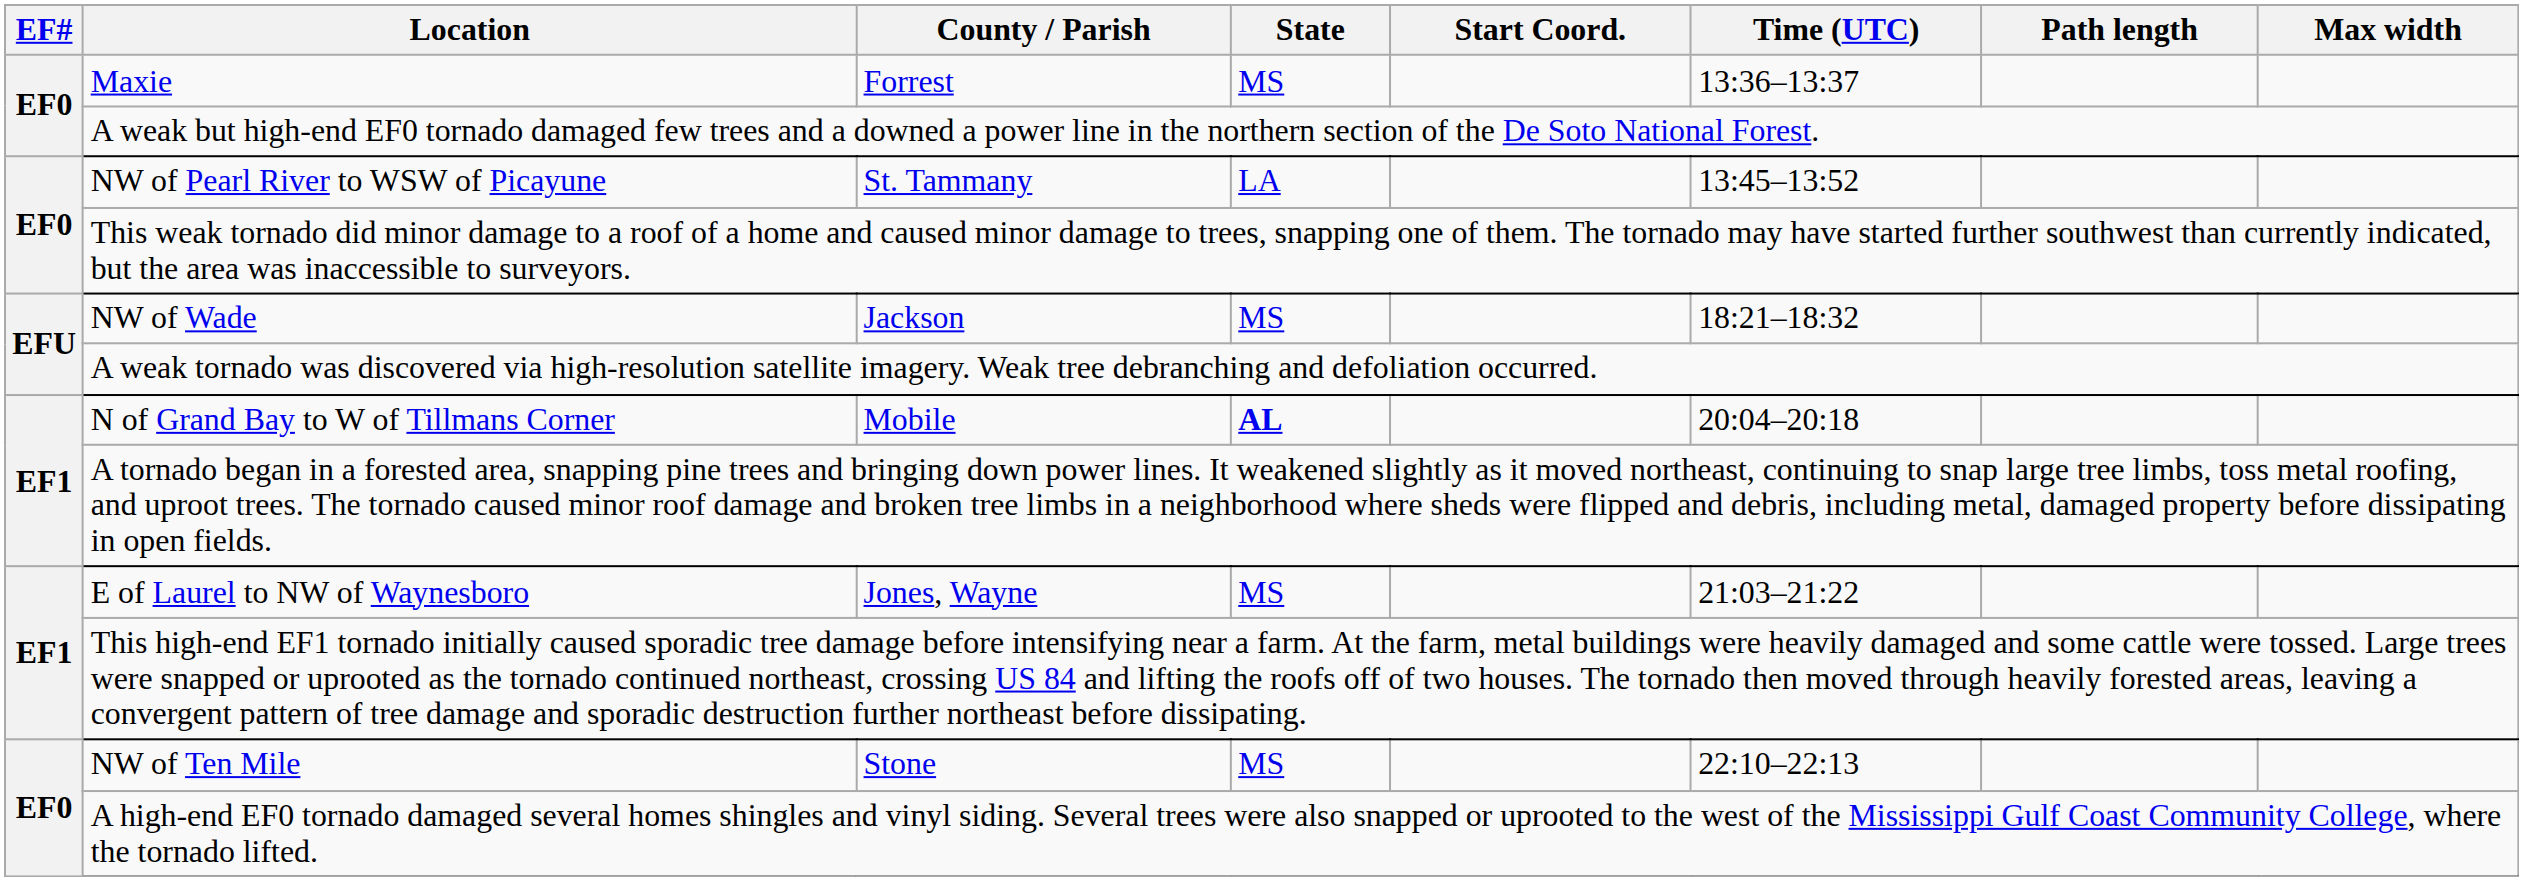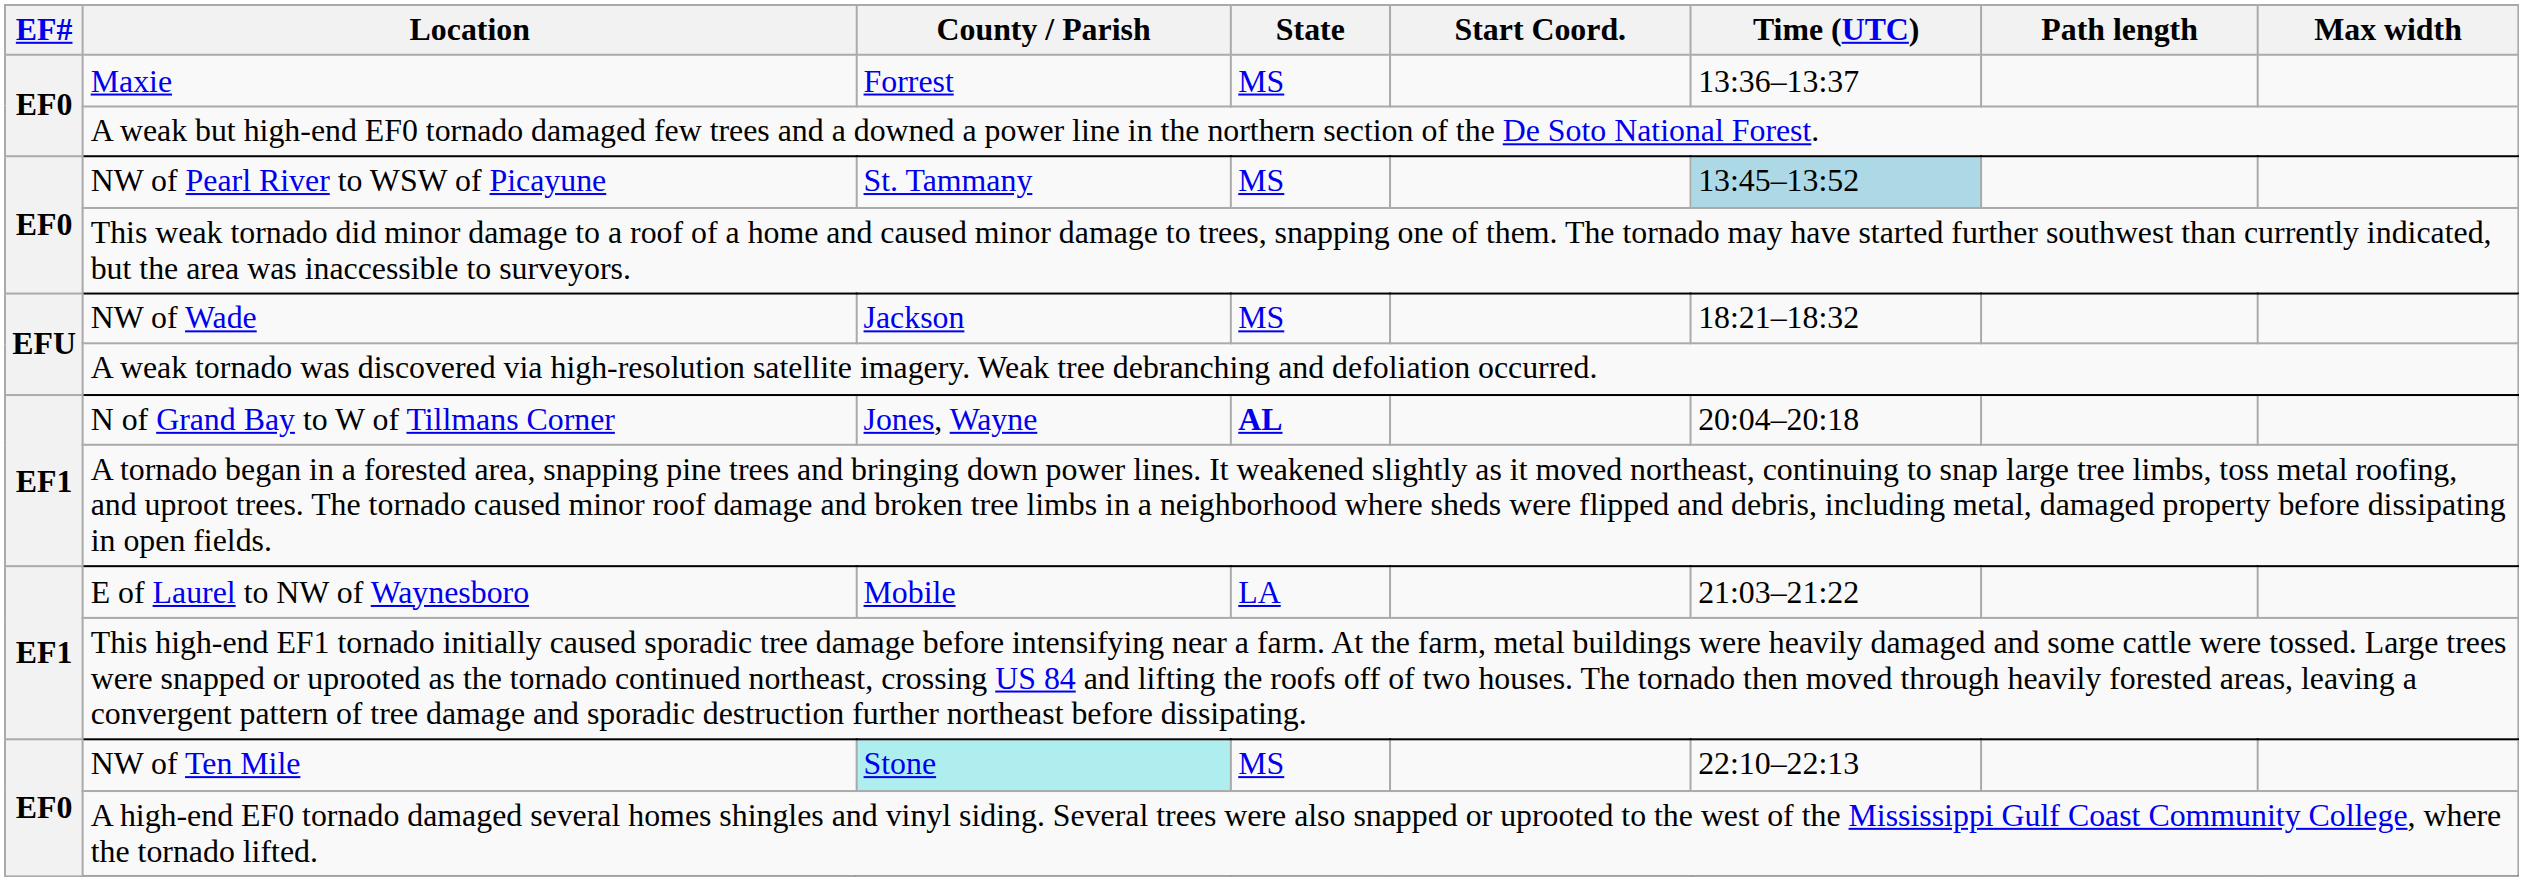 <table class="wikitable sortable" style="width:100%;">
 <tr>
 <th scope="col" width="2%" align="center"><a href='#'>EF#</a></th>
 <th scope="col" align="center" class="unsortable">Location</th>
 <th scope="col" align="center" class="unsortable">County / Parish</th>
 <th scope="col" align="center">State</th>
 <th scope="col" align="center">Start Coord.</th>
 <th scope="col" align="center">Time (<a href='#'>UTC</a>)</th>
 <th scope="col" align="center">Path length</th>
 <th scope="col" align="center">Max width</th>
 </tr>
 <tr>
 <th scope="row" rowspan="2" style="background-color:#">EF0</th>
 <td><a href='#'>Maxie</a></td>
 <td><a href='#'>Forrest</a></td>
 <td><a href='#'>MS</a></td>
 <td></td>
 <td>13:36–13:37</td>
 <td></td>
 <td></td>
 </tr>
 <tr class="expand-child">
 <td colspan="8" style=" border-bottom: 1px solid black;">A weak but high-end EF0 tornado damaged few trees and a downed a power line in the northern section of the <a href='#'>De Soto National Forest</a>.</td>
 </tr>
 <tr>
 <th scope="row" rowspan="2" style="background-color:#">EF0</th>
 <td>NW of <a href='#'>Pearl River</a> to WSW of <a href='#'>Picayune</a></td>
 <td><a href='#'>St. Tammany</a></td>
-<td><a href='#'>LA</a></td>
+<td><a href='#'>MS</a></td>
 <td></td>
-<td>13:45–13:52</td>
+<td style="background: lightblue;">13:45–13:52</td>
 <td></td>
 <td></td>
 </tr>
 <tr class="expand-child">
 <td colspan="8" style=" border-bottom: 1px solid black;">This weak tornado did minor damage to a roof of a home and caused minor damage to trees, snapping one of them. The tornado may have started further southwest than currently indicated, but the area was inaccessible to surveyors.</td>
 </tr>
 <tr>
 <th scope="row" rowspan="2" style="background-color:#">EFU</th>
 <td>NW of <a href='#'>Wade</a></td>
 <td><a href='#'>Jackson</a></td>
 <td><a href='#'>MS</a></td>
 <td></td>
 <td>18:21–18:32</td>
 <td></td>
 <td></td>
 </tr>
 <tr class="expand-child">
 <td colspan="8" style=" border-bottom: 1px solid black;">A weak tornado was discovered via high-resolution satellite imagery. Weak tree debranching and defoliation occurred.</td>
 </tr>
 <tr>
 <th scope="row" rowspan="2" style="background-color:#">EF1</th>
 <td>N of <a href='#'>Grand Bay</a> to W of <a href='#'>Tillmans Corner</a></td>
-<td><a href='#'>Mobile</a></td>
+<td><a href='#'>Jones</a>, <a href='#'>Wayne</a></td>
 <td><strong><a href='#'>AL</a></strong></td>
 <td></td>
 <td>20:04–20:18</td>
 <td></td>
 <td></td>
 </tr>
 <tr class="expand-child">
 <td colspan="8" style=" border-bottom: 1px solid black;">A tornado began in a forested area, snapping pine trees and bringing down power lines. It weakened slightly as it moved northeast, continuing to snap large tree limbs, toss metal roofing, and uproot trees. The tornado caused minor roof damage and broken tree limbs in a neighborhood where sheds were flipped and debris, including metal, damaged property before dissipating in open fields.</td>
 </tr>
 <tr>
 <th scope="row" rowspan="2" style="background-color:#">EF1</th>
 <td>E of <a href='#'>Laurel</a> to NW of <a href='#'>Waynesboro</a></td>
-<td><a href='#'>Jones</a>, <a href='#'>Wayne</a></td>
-<td><a href='#'>MS</a></td>
+<td><a href='#'>Mobile</a></td>
+<td><a href='#'>LA</a></td>
 <td></td>
 <td>21:03–21:22</td>
 <td></td>
 <td></td>
 </tr>
 <tr class="expand-child">
 <td colspan="7" style=" border-bottom: 1px solid black;">This high-end EF1 tornado initially caused sporadic tree damage before intensifying near a farm. At the farm, metal buildings were heavily damaged and some cattle were tossed. Large trees were snapped or uprooted as the tornado continued northeast, crossing <a href='#'>US 84</a> and lifting the roofs off of two houses. The tornado then moved through heavily forested areas, leaving a convergent pattern of tree damage and sporadic destruction further northeast before dissipating.</td>
 </tr>
 <tr>
 <th scope="row" rowspan="2" style="background-color:#">EF0</th>
 <td>NW of <a href='#'>Ten Mile</a></td>
-<td><a href='#'>Stone</a></td>
+<td style="background: paleturquoise;"><a href='#'>Stone</a></td>
 <td><a href='#'>MS</a></td>
 <td></td>
 <td>22:10–22:13</td>
 <td></td>
 <td></td>
 </tr>
 <tr class="expand-child">
 <td colspan="8" style=" border-bottom: 1px solid black;">A high-end EF0 tornado damaged several homes shingles and vinyl siding. Several trees were also snapped or uprooted to the west of the <a href='#'>Mississippi Gulf Coast Community College</a>, where the tornado lifted.</td>
 </tr>
 <tr>
 </tr>
 </table>
